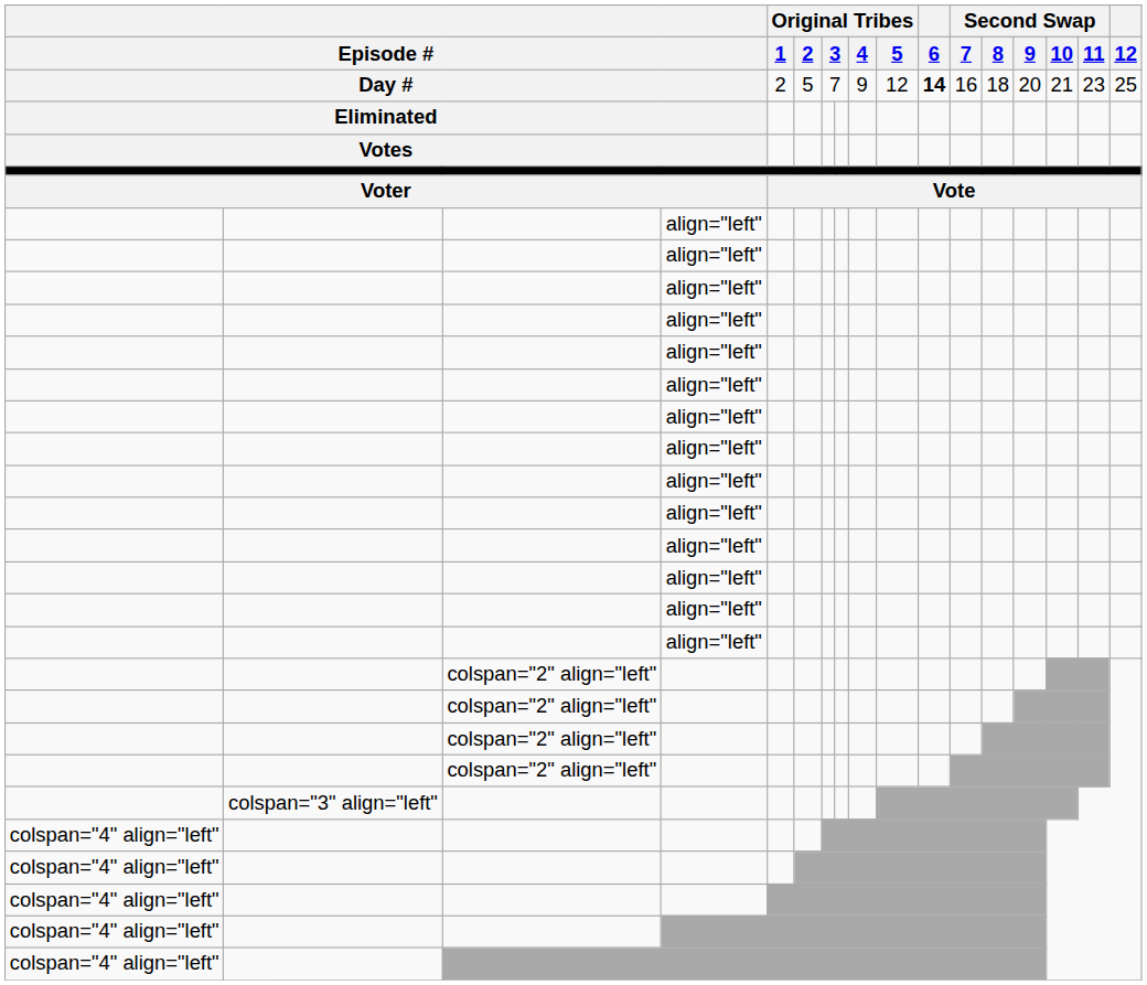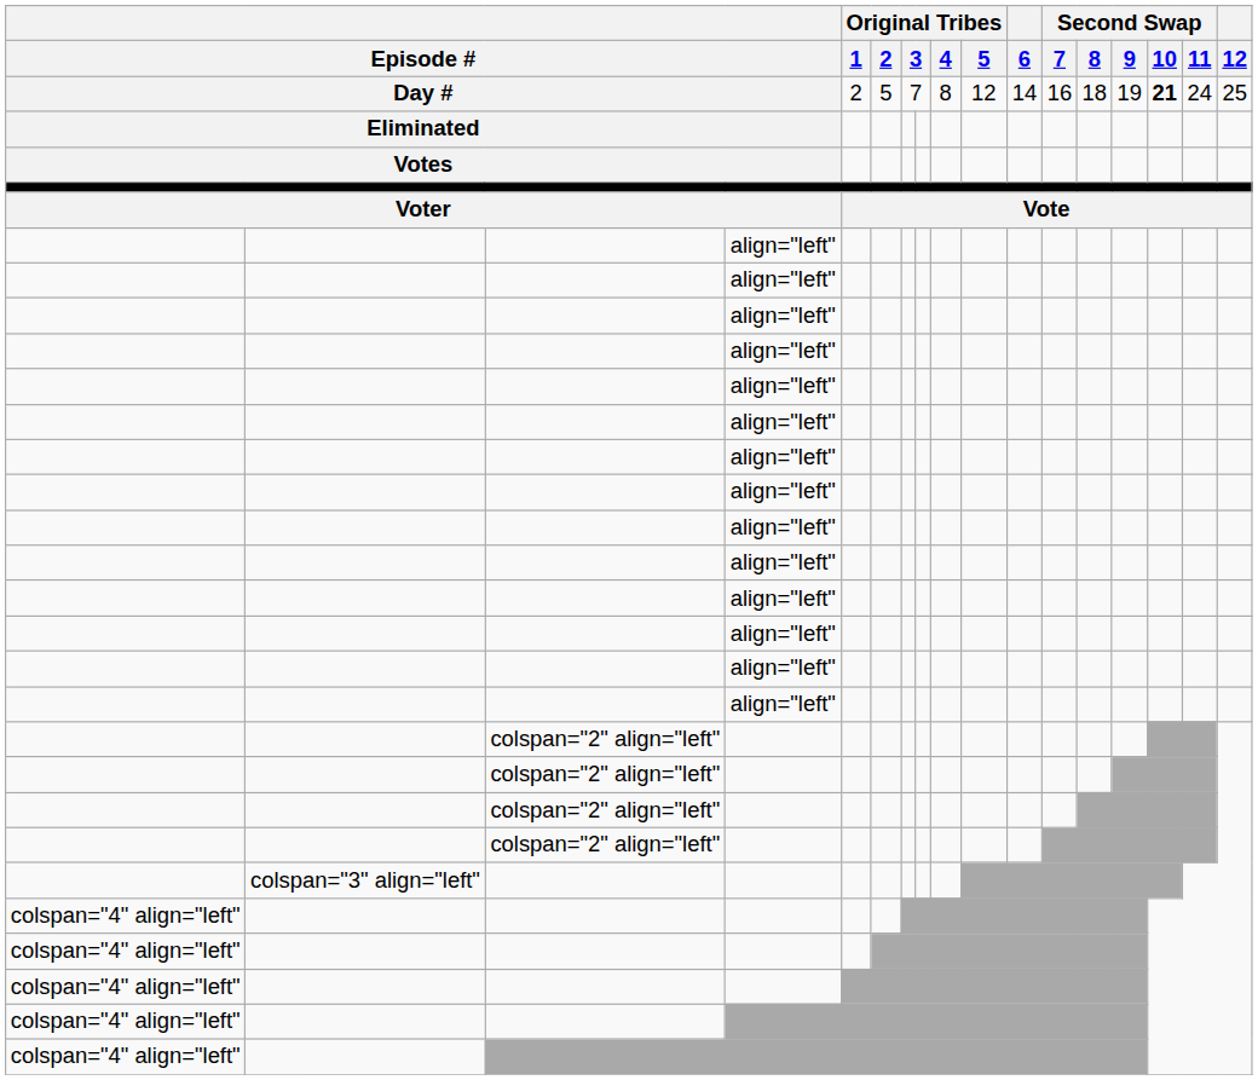 <table class="wikitable" style="text-align:center">
 <tr>
 <th colspan="4"></th>
 <th colspan="6">Original Tribes</th>
 <th></th>
 <th colspan="5">Second Swap</th>
 <th></th>
 </tr>
 <tr>
 <th colspan="4">Episode #</th>
 <th><a href='#'>1</a></th>
 <th><a href='#'>2</a></th>
 <th colspan="2"><a href='#'>3</a></th>
 <th><a href='#'>4</a></th>
 <th><a href='#'>5</a></th>
 <th><a href='#'>6</a></th>
 <th><a href='#'>7</a></th>
 <th><a href='#'>8</a></th>
 <th><a href='#'>9</a></th>
 <th><a href='#'>10</a></th>
 <th><a href='#'>11</a></th>
 <th><a href='#'>12</a></th>
 </tr>
 <tr>
 <th colspan="4">Day #</th>
 <td>2</td>
 <td>5</td>
 <td colspan="2">7</td>
-<td>9</td>
+<td>8</td>
 <td>12</td>
-<td><strong>14</strong></td>
+<td>14</td>
 <td>16</td>
 <td>18</td>
-<td>20</td>
-<td>21</td>
-<td>23</td>
+<td>19</td>
+<td><strong>21</strong></td>
+<td>24</td>
 <td>25</td>
 </tr>
 <tr>
 <th colspan="4">Eliminated</th>
 <td></td>
 <td></td>
 <td></td>
 <td></td>
 <td></td>
 <td></td>
 <td></td>
 <td></td>
 <td></td>
 <td></td>
 <td></td>
 <td></td>
 <td></td>
 </tr>
 <tr>
 <th colspan="4">Votes</th>
 <td></td>
 <td></td>
 <td></td>
 <td></td>
 <td></td>
 <td></td>
 <td></td>
 <td></td>
 <td></td>
 <td></td>
 <td></td>
 <td></td>
 <td></td>
 </tr>
 <tr>
 <td colspan="17" style="background:black"></td>
 </tr>
 <tr>
 <th colspan="4">Voter</th>
 <th colspan="13">Vote</th>
 </tr>
 <tr>
 <td></td>
 <td></td>
 <td></td>
 <td>align="left" </td>
 <td></td>
 <td></td>
 <td></td>
 <td></td>
 <td></td>
 <td></td>
 <td></td>
 <td></td>
 <td></td>
 <td></td>
 <td></td>
 <td></td>
 <td></td>
 </tr>
 <tr>
 <td></td>
 <td></td>
 <td></td>
 <td>align="left" </td>
 <td></td>
 <td></td>
 <td></td>
 <td></td>
 <td></td>
 <td></td>
 <td></td>
 <td></td>
 <td></td>
 <td></td>
 <td></td>
 <td></td>
 <td></td>
 </tr>
 <tr>
 <td></td>
 <td></td>
 <td></td>
 <td>align="left" </td>
 <td></td>
 <td></td>
 <td></td>
 <td></td>
 <td></td>
 <td></td>
 <td></td>
 <td></td>
 <td></td>
 <td></td>
 <td></td>
 <td></td>
 <td></td>
 </tr>
 <tr>
 <td></td>
 <td></td>
 <td></td>
 <td>align="left" </td>
 <td></td>
 <td></td>
 <td></td>
 <td></td>
 <td></td>
 <td></td>
 <td></td>
 <td></td>
 <td></td>
 <td></td>
 <td></td>
 <td></td>
 <td></td>
 </tr>
 <tr>
 <td></td>
 <td></td>
 <td></td>
 <td>align="left" </td>
 <td></td>
 <td></td>
 <td></td>
 <td></td>
 <td></td>
 <td></td>
 <td></td>
 <td></td>
 <td></td>
 <td></td>
 <td></td>
 <td></td>
 <td></td>
 </tr>
 <tr>
 <td></td>
 <td></td>
 <td></td>
 <td>align="left" </td>
 <td></td>
 <td></td>
 <td></td>
 <td></td>
 <td></td>
 <td></td>
 <td></td>
 <td></td>
 <td></td>
 <td></td>
 <td></td>
 <td></td>
 <td></td>
 </tr>
 <tr>
 <td></td>
 <td></td>
 <td></td>
 <td>align="left" </td>
 <td></td>
 <td></td>
 <td></td>
 <td></td>
 <td></td>
 <td></td>
 <td></td>
 <td></td>
 <td></td>
 <td></td>
 <td></td>
 <td></td>
 <td></td>
 </tr>
 <tr>
 <td></td>
 <td></td>
 <td></td>
 <td>align="left" </td>
 <td></td>
 <td></td>
 <td></td>
 <td></td>
 <td></td>
 <td></td>
 <td></td>
 <td></td>
 <td></td>
 <td></td>
 <td></td>
 <td></td>
 <td></td>
 </tr>
 <tr>
 <td></td>
 <td></td>
 <td></td>
 <td>align="left" </td>
 <td></td>
 <td></td>
 <td></td>
 <td></td>
 <td></td>
 <td></td>
 <td></td>
 <td></td>
 <td></td>
 <td></td>
 <td></td>
 <td></td>
 <td></td>
 </tr>
 <tr>
 <td></td>
 <td></td>
 <td></td>
 <td>align="left" </td>
 <td></td>
 <td></td>
 <td></td>
 <td></td>
 <td></td>
 <td></td>
 <td></td>
 <td></td>
 <td></td>
 <td></td>
 <td></td>
 <td></td>
 <td></td>
 </tr>
 <tr>
 <td></td>
 <td></td>
 <td></td>
 <td>align="left" </td>
 <td></td>
 <td></td>
 <td></td>
 <td></td>
 <td></td>
 <td></td>
 <td></td>
 <td></td>
 <td></td>
 <td></td>
 <td></td>
 <td></td>
 <td></td>
 </tr>
 <tr>
 <td></td>
 <td></td>
 <td></td>
 <td>align="left" </td>
 <td></td>
 <td></td>
 <td></td>
 <td></td>
 <td></td>
 <td></td>
 <td></td>
 <td></td>
 <td></td>
 <td></td>
 <td></td>
 <td></td>
 <td></td>
 </tr>
 <tr>
 <td></td>
 <td></td>
 <td></td>
 <td>align="left" </td>
 <td></td>
 <td></td>
 <td></td>
 <td></td>
 <td></td>
 <td></td>
 <td></td>
 <td></td>
 <td></td>
 <td></td>
 <td></td>
 <td></td>
 <td></td>
 </tr>
 <tr>
 <td></td>
 <td></td>
 <td></td>
 <td>align="left" </td>
 <td></td>
 <td></td>
 <td></td>
 <td></td>
 <td></td>
 <td></td>
 <td></td>
 <td></td>
 <td></td>
 <td></td>
 <td></td>
 <td></td>
 <td></td>
 </tr>
 <tr>
 <td></td>
 <td></td>
 <td>colspan="2" align="left" </td>
 <td></td>
 <td></td>
 <td></td>
 <td></td>
 <td></td>
 <td></td>
 <td></td>
 <td></td>
 <td></td>
 <td></td>
 <td></td>
 <td colspan="2" style="background:darkgray;"></td>
 </tr>
 <tr>
 <td></td>
 <td></td>
 <td>colspan="2" align="left" </td>
 <td></td>
 <td></td>
 <td></td>
 <td></td>
 <td></td>
 <td></td>
 <td></td>
 <td></td>
 <td></td>
 <td></td>
 <td colspan="3" style="background:darkgray;"></td>
 </tr>
 <tr>
 <td></td>
 <td></td>
 <td>colspan="2" align="left" </td>
 <td></td>
 <td></td>
 <td></td>
 <td></td>
 <td></td>
 <td></td>
 <td></td>
 <td></td>
 <td></td>
 <td colspan="4" style="background:darkgray;"></td>
 </tr>
 <tr>
 <td></td>
 <td></td>
 <td>colspan="2" align="left" </td>
 <td></td>
 <td></td>
 <td></td>
 <td></td>
 <td></td>
 <td></td>
 <td></td>
 <td></td>
 <td colspan="5" style="background:darkgray;"></td>
 </tr>
 <tr>
 <td></td>
 <td>colspan="3" align="left" </td>
 <td></td>
 <td></td>
 <td></td>
 <td></td>
 <td></td>
 <td></td>
 <td></td>
 <td colspan="6" style="background:darkgray;"></td>
 </tr>
 <tr>
 <td>colspan="4" align="left" </td>
 <td></td>
 <td></td>
 <td></td>
 <td></td>
 <td></td>
 <td colspan="8" style="background:darkgray;"></td>
 </tr>
 <tr>
 <td>colspan="4" align="left" </td>
 <td></td>
 <td></td>
 <td></td>
 <td></td>
 <td colspan="9" style="background:darkgray;"></td>
 </tr>
 <tr>
 <td>colspan="4" align="left" </td>
 <td></td>
 <td></td>
 <td></td>
 <td colspan="10" style="background:darkgray;"></td>
 </tr>
 <tr>
 <td>colspan="4" align="left" </td>
 <td></td>
 <td></td>
 <td colspan="11" style="background:darkgray;"></td>
 </tr>
 <tr>
 <td>colspan="4" align="left" </td>
 <td></td>
 <td colspan="12" style="background:darkgray;"></td>
 </tr>
 </table>
